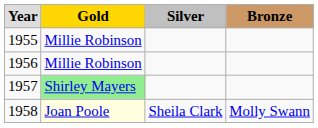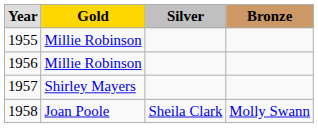 <table class="wikitable" style="text-align:left;">
 <tr style="text-align:center; font-weight:bold;">
 <td style="background:#ddd; ">Year</td>
 <td style="background:gold; ">Gold</td>
 <td style="background:silver; ">Silver</td>
 <td style="background:#c96; ">Bronze</td>
 </tr>
 <tr>
 <td>1955</td>
 <td><a href='#'>Millie Robinson</a></td>
 <td></td>
 <td></td>
 </tr>
 <tr>
 <td>1956</td>
 <td><a href='#'>Millie Robinson</a></td>
 <td></td>
 <td></td>
 </tr>
 <tr>
 <td>1957</td>
-<td style="background: lightgreen;"><a href='#'>Shirley Mayers</a></td>
+<td><a href='#'>Shirley Mayers</a></td>
 <td></td>
 <td></td>
 </tr>
 <tr>
 <td>1958</td>
-<td style="background: lightyellow;"><a href='#'>Joan Poole</a></td>
+<td><a href='#'>Joan Poole</a></td>
 <td><a href='#'>Sheila Clark</a></td>
 <td><a href='#'>Molly Swann</a></td>
 </tr>
 </table>
